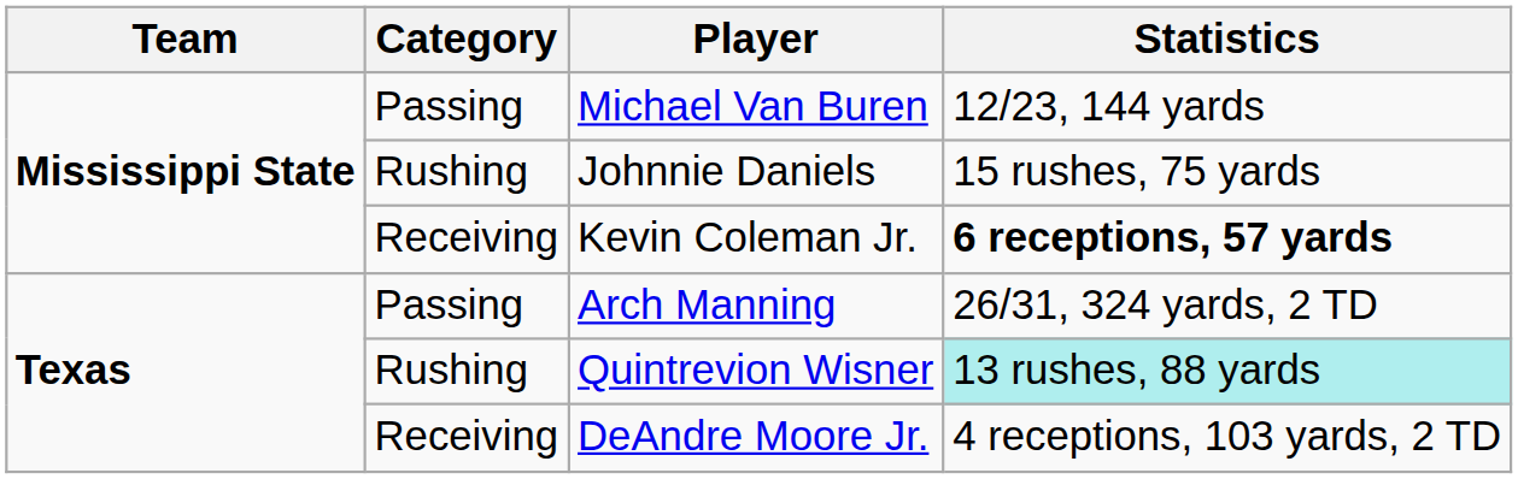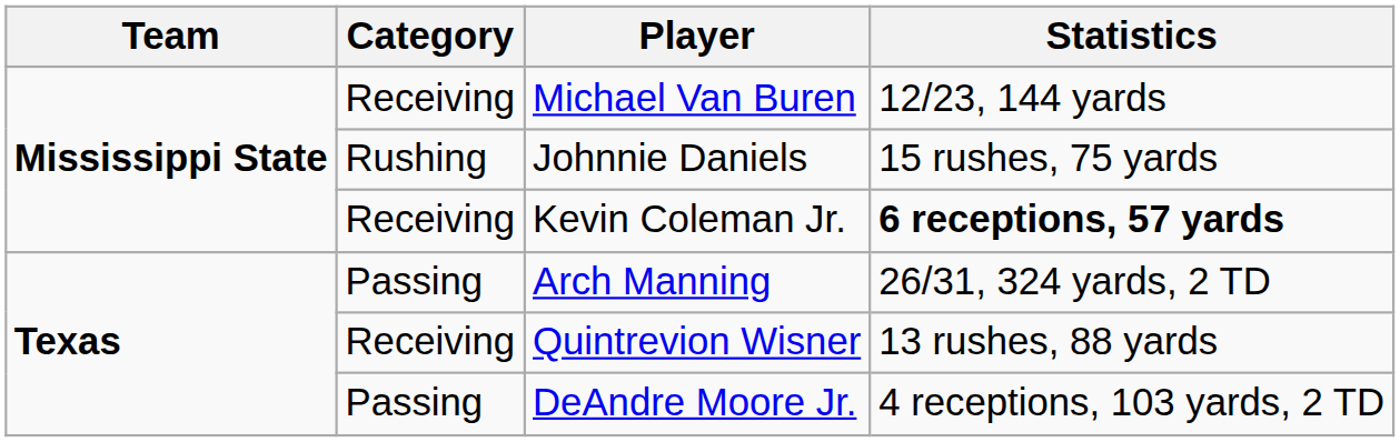 <table class="wikitable" style="float: right;">
 <tr>
 <th>Team</th>
 <th>Category</th>
 <th>Player</th>
 <th>Statistics</th>
 </tr>
 <tr>
 <td rowspan=3><strong>Mississippi State</strong></td>
-<td>Passing</td>
+<td>Receiving</td>
 <td><a href='#'>Michael Van Buren</a></td>
 <td>12/23, 144 yards</td>
 </tr>
 <tr>
 <td>Rushing</td>
 <td>Johnnie Daniels</td>
 <td>15 rushes, 75 yards</td>
 </tr>
 <tr>
 <td>Receiving</td>
 <td>Kevin Coleman Jr.</td>
 <td><strong>6 receptions, 57 yards</strong></td>
 </tr>
 <tr>
 <td rowspan=3><strong>Texas</strong></td>
 <td>Passing</td>
 <td><a href='#'>Arch Manning</a></td>
 <td>26/31, 324 yards, 2 TD</td>
 </tr>
 <tr>
-<td>Rushing</td>
+<td>Receiving</td>
 <td><a href='#'>Quintrevion Wisner</a></td>
-<td style="background: paleturquoise;">13 rushes, 88 yards</td>
+<td>13 rushes, 88 yards</td>
 </tr>
 <tr>
-<td>Receiving</td>
+<td>Passing</td>
 <td><a href='#'>DeAndre Moore Jr.</a></td>
 <td>4 receptions, 103 yards, 2 TD</td>
 </tr>
 </table>
